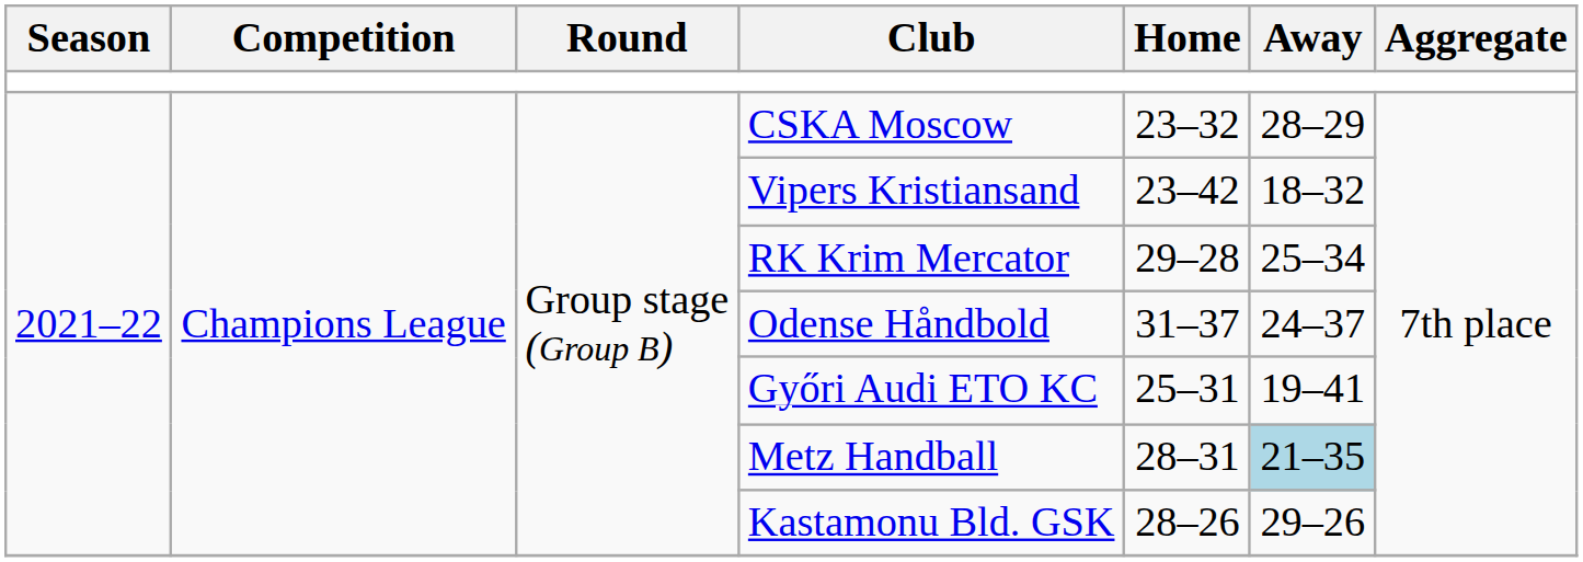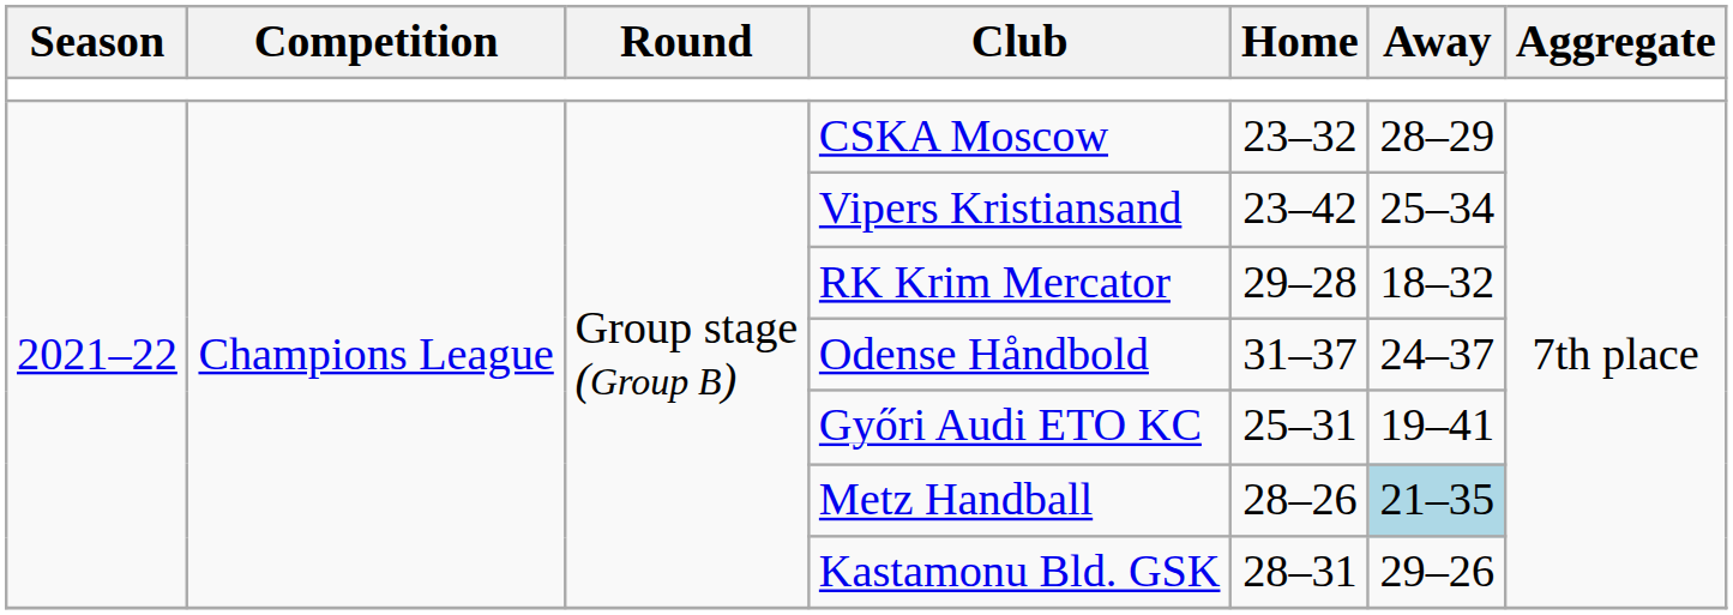 <table class="wikitable">
 <tr>
 <th>Season</th>
 <th>Competition</th>
 <th>Round</th>
 <th>Club</th>
 <th>Home</th>
 <th>Away</th>
 <th>Aggregate</th>
 </tr>
 <tr>
 <td colspan=7 style="text-align: center;" bgcolor=white></td>
 </tr>
 <tr>
 <td rowspan=7><a href='#'>2021–22</a></td>
 <td rowspan=7><a href='#'>Champions League</a></td>
 <td rowspan=7>Group stage<br><em>(<small>Group B</small>)</em></td>
 <td> <a href='#'>CSKA Moscow</a></td>
 <td style="text-align:center;">23–32</td>
 <td style="text-align:center;">28–29</td>
 <td align=center rowspan=7>7th place</td>
 </tr>
 <tr>
 <td> <a href='#'>Vipers Kristiansand</a></td>
 <td style="text-align:center;">23–42</td>
-<td style="text-align:center;">18–32</td>
+<td style="text-align:center;">25–34</td>
 </tr>
 <tr>
 <td> <a href='#'>RK Krim Mercator</a></td>
 <td style="text-align:center;">29–28</td>
-<td style="text-align:center;">25–34</td>
+<td style="text-align:center;">18–32</td>
 </tr>
 <tr>
 <td> <a href='#'>Odense Håndbold</a></td>
 <td style="text-align:center;">31–37</td>
 <td style="text-align:center;">24–37</td>
 </tr>
 <tr>
 <td> <a href='#'>Győri Audi ETO KC</a></td>
 <td style="text-align:center;">25–31</td>
 <td style="text-align:center;">19–41</td>
 </tr>
 <tr>
 <td> <a href='#'>Metz Handball</a></td>
-<td style="text-align:center;">28–31</td>
+<td style="text-align:center;">28–26</td>
 <td style="background: lightblue; text-align:center;">21–35</td>
 </tr>
 <tr>
 <td> <a href='#'>Kastamonu Bld. GSK</a></td>
-<td style="text-align:center;">28–26</td>
+<td style="text-align:center;">28–31</td>
 <td style="text-align:center;">29–26</td>
 </tr>
 <tr>
 </tr>
 </table>
